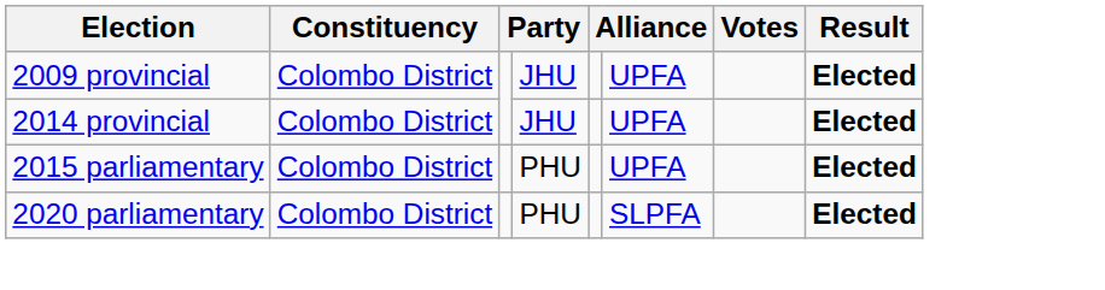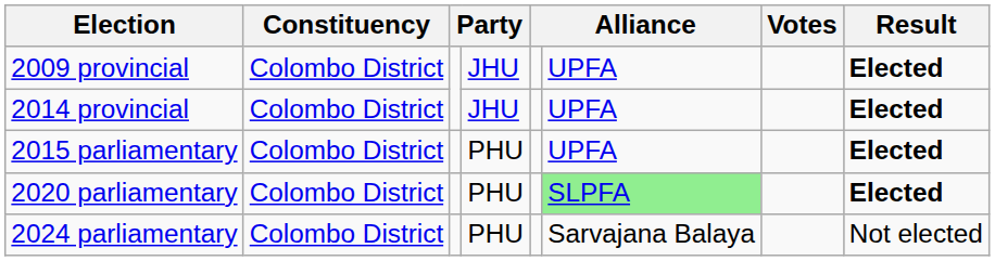 <table class="wikitable" style="text-align:left;">
 <tr>
 <th scope=col>Election</th>
 <th scope=col>Constituency</th>
 <th scope=col colspan="2">Party</th>
 <th scope=col colspan="2">Alliance</th>
 <th scope=col>Votes</th>
 <th scope=col>Result</th>
 </tr>
 <tr>
 <td><a href='#'>2009 provincial</a></td>
 <td><a href='#'>Colombo District</a></td>
 <td rowspan="2" style="background:"></td>
 <td><a href='#'>JHU</a></td>
 <td style="background:"></td>
 <td><a href='#'>UPFA</a></td>
 <td align=right></td>
 <td><strong>Elected</strong></td>
 </tr>
 <tr>
 <td><a href='#'>2014 provincial</a></td>
 <td><a href='#'>Colombo District</a></td>
 <td><a href='#'>JHU</a></td>
 <td style="background:"></td>
 <td><a href='#'>UPFA</a></td>
 <td align=right></td>
 <td><strong>Elected</strong></td>
 </tr>
 <tr>
 <td><a href='#'>2015 parliamentary</a></td>
 <td><a href='#'>Colombo District</a></td>
 <td></td>
 <td>PHU</td>
 <td style="background:"></td>
 <td><a href='#'>UPFA</a></td>
 <td align=right></td>
 <td><strong>Elected</strong></td>
 </tr>
 <tr>
 <td><a href='#'>2020 parliamentary</a></td>
 <td><a href='#'>Colombo District</a></td>
 <td></td>
 <td>PHU</td>
 <td style="background:"></td>
-<td><a href='#'>SLPFA</a></td>
+<td style="background: lightgreen;"><a href='#'>SLPFA</a></td>
 <td align=right></td>
 <td><strong>Elected</strong></td>
 </tr>
+<tr>
+<td><a href='#'>2024 parliamentary</a></td>
+<td><a href='#'>Colombo District</a></td>
+<td></td>
+<td>PHU</td>
+<td style="background:"></td>
+<td>Sarvajana Balaya</td>
+<td></td>
+<td>Not elected</td>
+</tr>
 </table>
